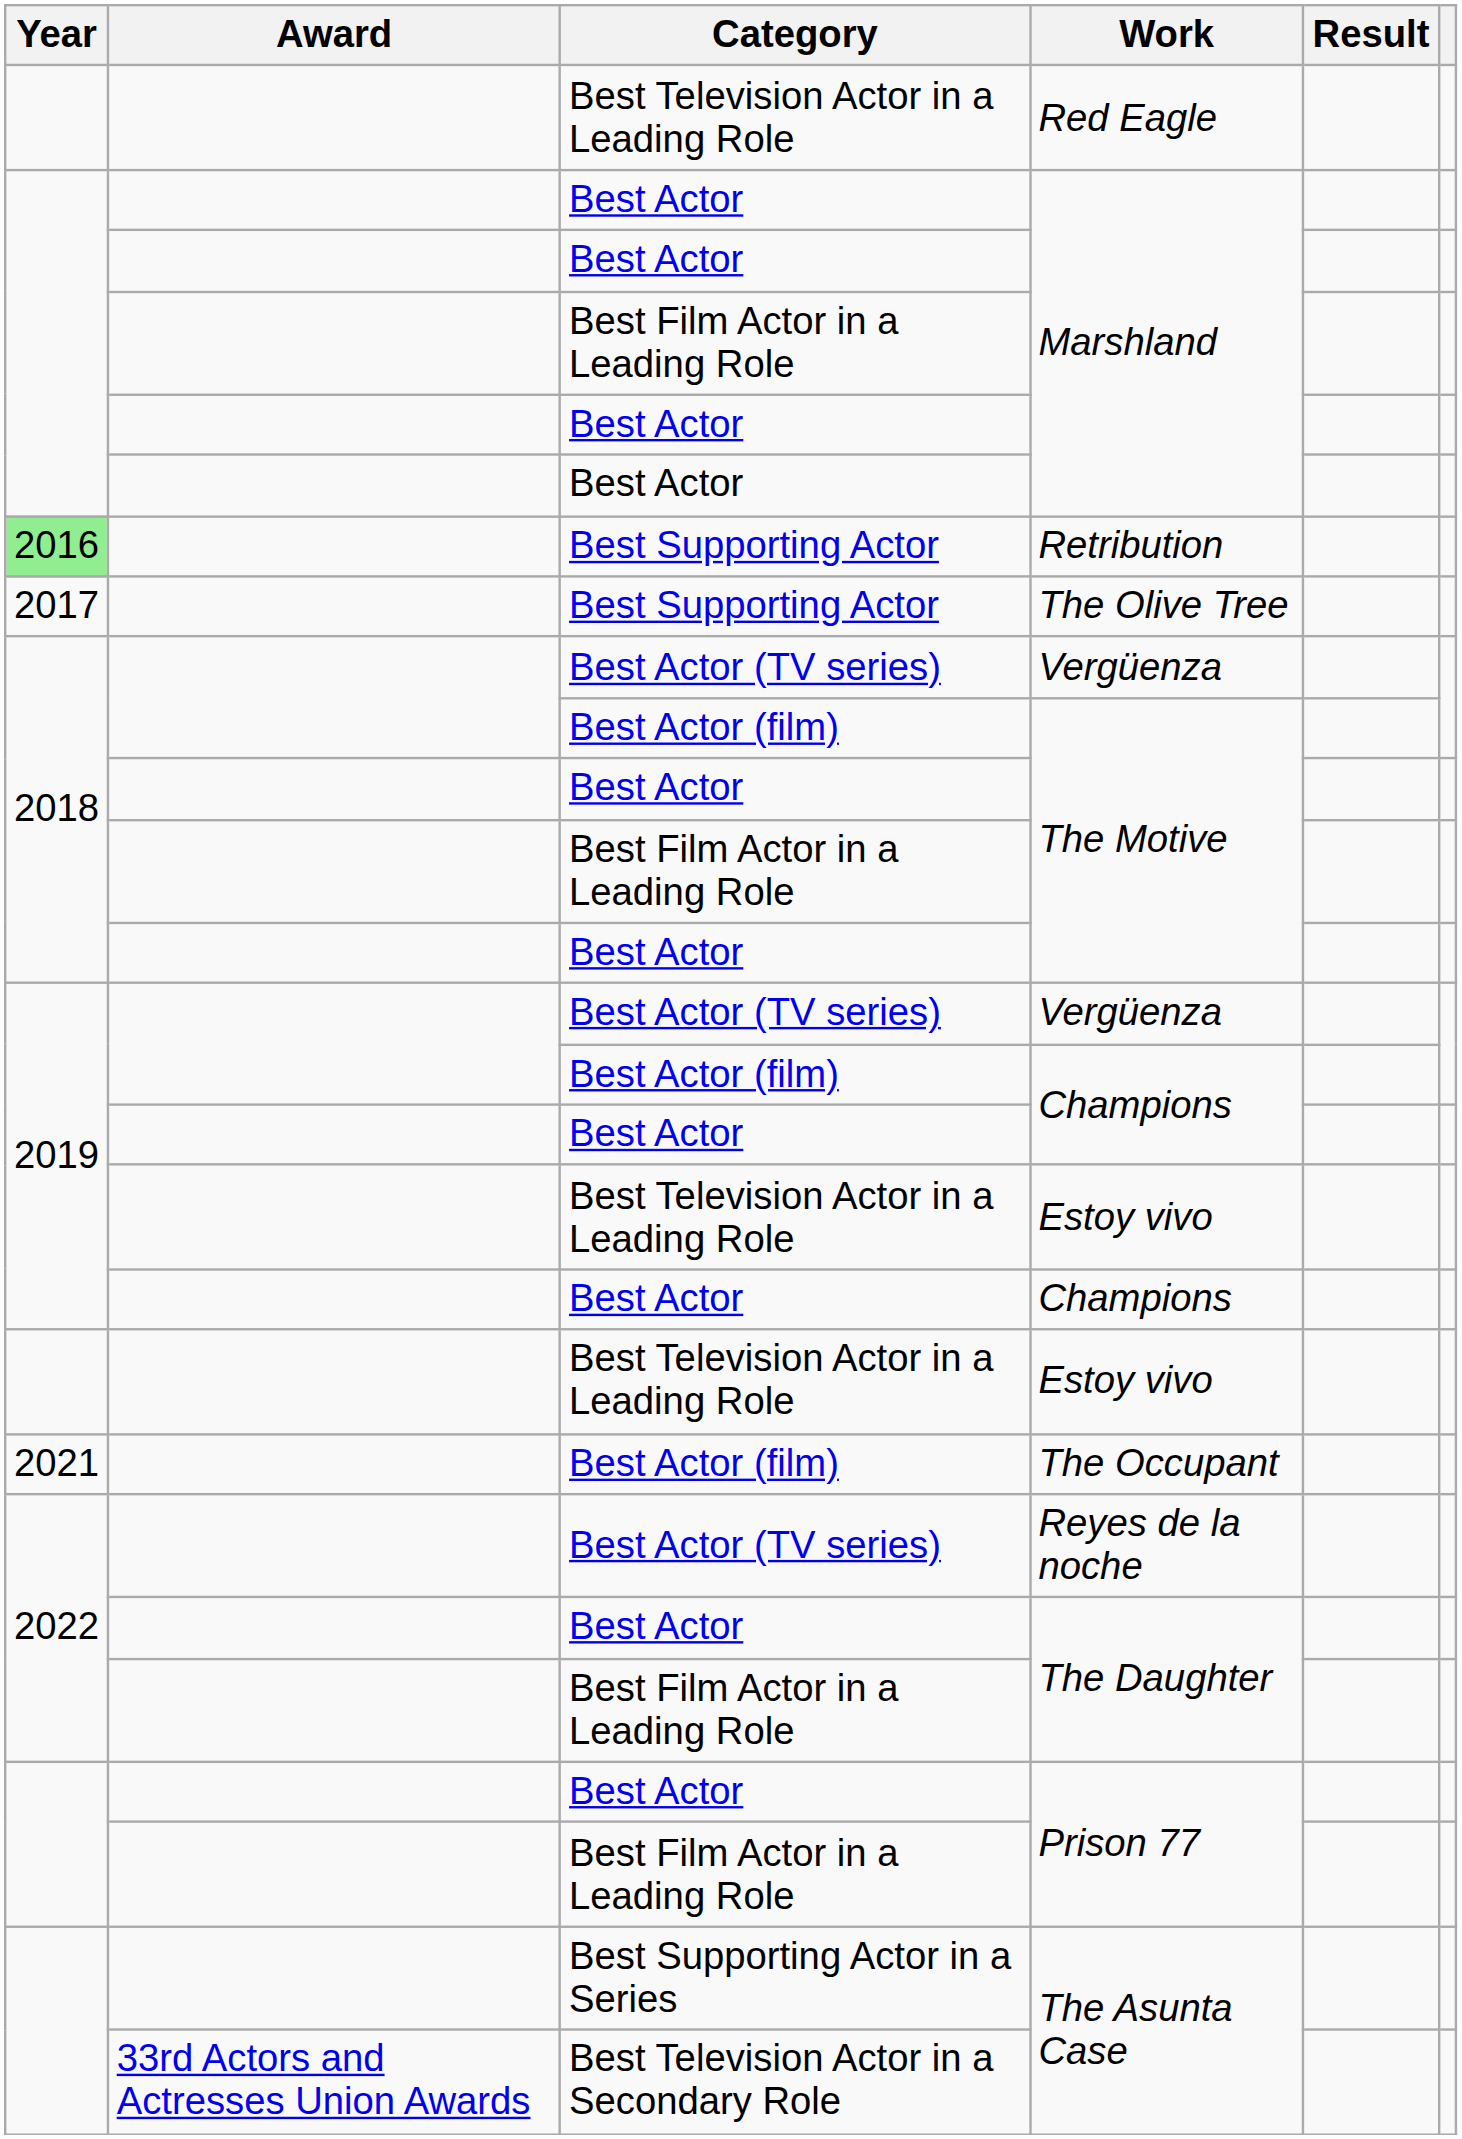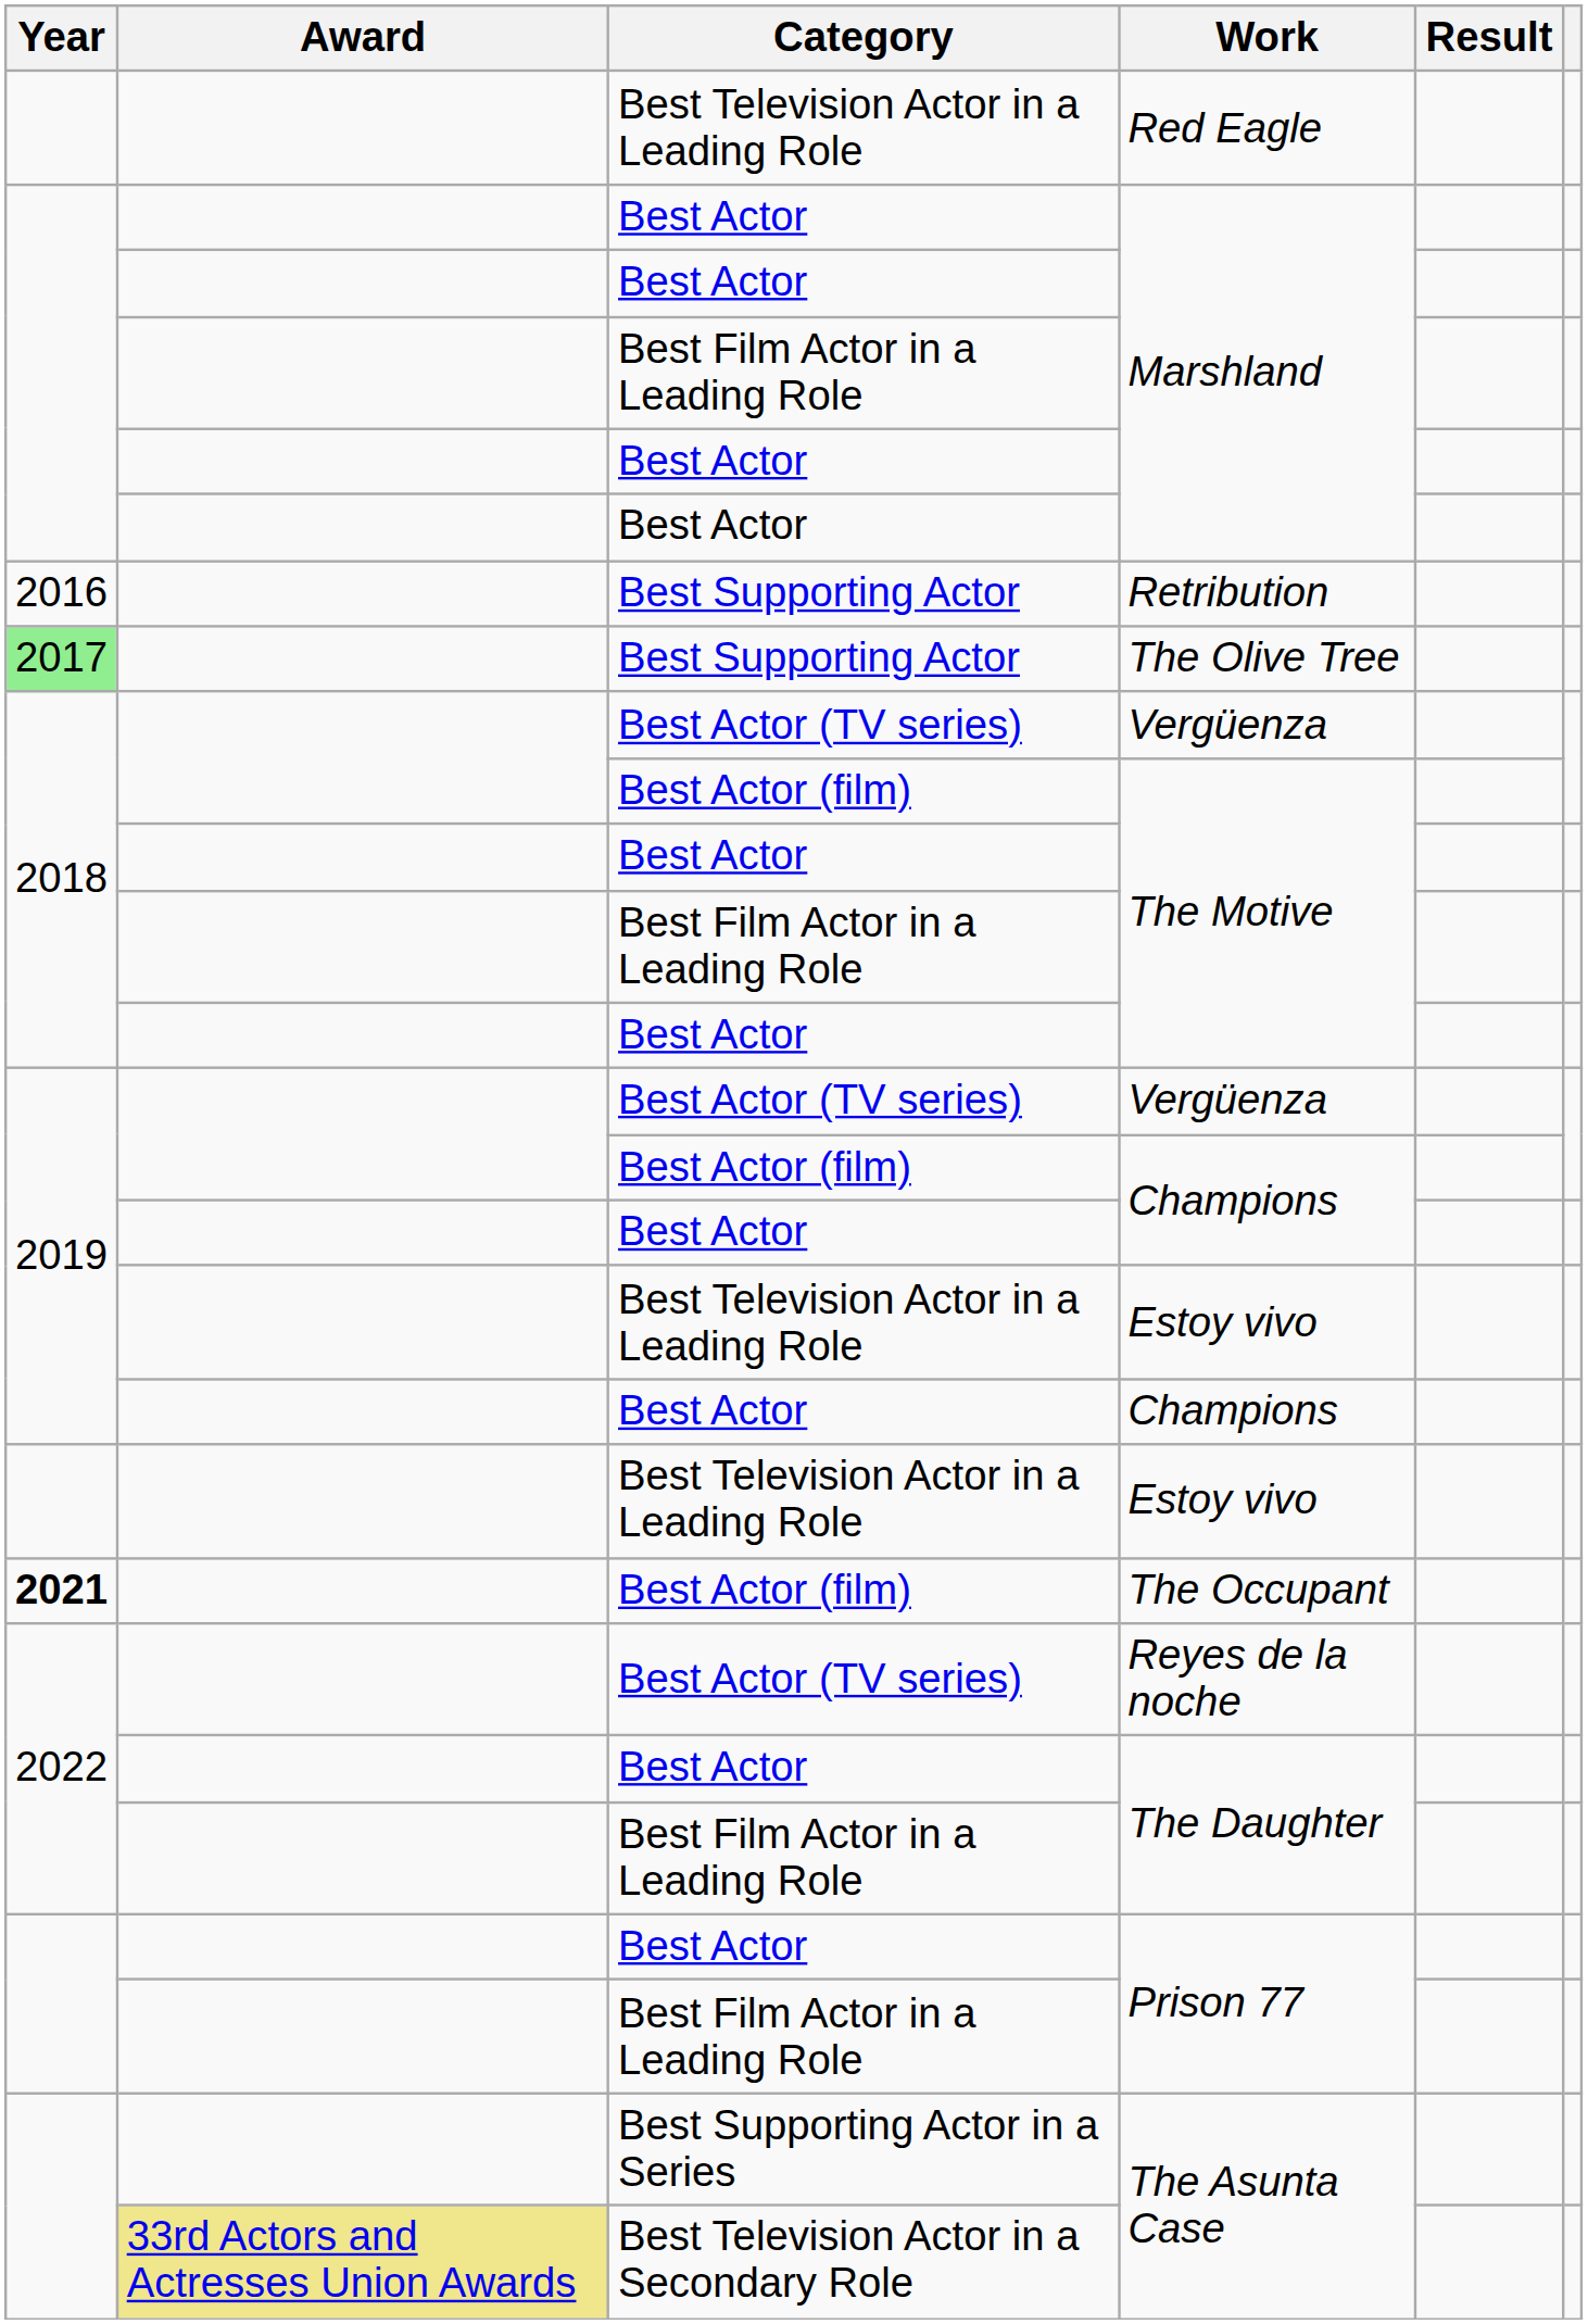 <table class="wikitable sortable plainrowheaders">
 <tr>
 <th>Year</th>
 <th>Award</th>
 <th>Category</th>
 <th>Work</th>
 <th>Result</th>
 <th scope="col" class="unsortable"></th>
 </tr>
 <tr>
 <td></td>
 <td></td>
 <td>Best Television Actor in a Leading Role</td>
 <td><em>Red Eagle</em></td>
 <td></td>
 <td></td>
 </tr>
 <tr>
 <td rowspan = "5"></td>
 <td></td>
 <td><a href='#'>Best Actor</a></td>
 <td rowspan = "5"><em>Marshland</em></td>
 <td></td>
 <td align = "center"></td>
 </tr>
 <tr>
 <td></td>
 <td><a href='#'>Best Actor</a></td>
 <td></td>
 <td></td>
 </tr>
 <tr>
 <td></td>
 <td>Best Film Actor in a Leading Role</td>
 <td></td>
 <td></td>
 </tr>
 <tr>
 <td></td>
 <td><a href='#'>Best Actor</a></td>
 <td></td>
 <td></td>
 </tr>
 <tr>
 <td></td>
 <td>Best Actor</td>
 <td></td>
 <td></td>
 </tr>
 <tr>
-<td align= "center" style="background: lightgreen;">2016</td>
+<td align= "center">2016</td>
 <td></td>
 <td><a href='#'>Best Supporting Actor</a></td>
 <td><em>Retribution</em></td>
 <td></td>
 <td align = "center"></td>
 </tr>
 <tr>
-<td align = "center">2017</td>
+<td align = "center" style="background: lightgreen;">2017</td>
 <td></td>
 <td><a href='#'>Best Supporting Actor</a></td>
 <td><em>The Olive Tree</em></td>
 <td></td>
 <td align = "center"></td>
 </tr>
 <tr>
 <td rowspan = "5" align = "center">2018</td>
 <td rowspan = "2"></td>
 <td><a href='#'>Best Actor (TV series)</a></td>
 <td><em>Vergüenza</em></td>
 <td></td>
 <td rowspan = "2" align = "center"></td>
 </tr>
 <tr>
 <td><a href='#'>Best Actor (film)</a></td>
 <td rowspan = "4"><em>The Motive</em></td>
 <td></td>
 </tr>
 <tr>
 <td></td>
 <td><a href='#'>Best Actor</a></td>
 <td></td>
 <td></td>
 </tr>
 <tr>
 <td></td>
 <td>Best Film Actor in a Leading Role</td>
 <td></td>
 <td></td>
 </tr>
 <tr>
 <td></td>
 <td><a href='#'>Best Actor</a></td>
 <td></td>
 <td></td>
 </tr>
 <tr>
 <td rowspan = "5" align = "center">2019</td>
 <td rowspan = "2"></td>
 <td><a href='#'>Best Actor (TV series)</a></td>
 <td><em>Vergüenza</em></td>
 <td></td>
 <td rowspan = "2"  align= "center"></td>
 </tr>
 <tr>
 <td><a href='#'>Best Actor (film)</a></td>
 <td rowspan = "2"><em>Champions</em></td>
 <td></td>
 </tr>
 <tr>
 <td></td>
 <td><a href='#'>Best Actor</a></td>
 <td></td>
 <td align = "center"></td>
 </tr>
 <tr>
 <td></td>
 <td>Best Television Actor in a Leading Role</td>
 <td><em>Estoy vivo</em></td>
 <td></td>
 <td></td>
 </tr>
 <tr>
 <td></td>
 <td><a href='#'>Best Actor</a></td>
 <td><em>Champions</em></td>
 <td></td>
 <td></td>
 </tr>
 <tr>
 <td></td>
 <td></td>
 <td>Best Television Actor in a Leading Role</td>
 <td><em>Estoy vivo</em></td>
 <td></td>
 <td></td>
 </tr>
 <tr>
-<td align = "center">2021</td>
+<td align = "center"><strong>2021</strong></td>
 <td></td>
 <td><a href='#'>Best Actor (film)</a></td>
 <td><em>The Occupant</em></td>
 <td></td>
 <td align = "center"></td>
 </tr>
 <tr>
 <td rowspan = "3" align = "center">2022</td>
 <td></td>
 <td><a href='#'>Best Actor (TV series)</a></td>
 <td><em>Reyes de la noche</em></td>
 <td></td>
 <td align = "center"></td>
 </tr>
 <tr>
 <td></td>
 <td><a href='#'>Best Actor</a></td>
 <td rowspan = "2"><em>The Daughter</em></td>
 <td></td>
 <td align = "center"></td>
 </tr>
 <tr>
 <td></td>
 <td>Best Film Actor in a Leading Role</td>
 <td></td>
 <td></td>
 </tr>
 <tr>
 <td rowspan = "2"></td>
 <td></td>
 <td><a href='#'>Best Actor</a></td>
 <td rowspan = "2"><em>Prison 77</em></td>
 <td></td>
 <td align = "center"></td>
 </tr>
 <tr>
 <td></td>
 <td>Best Film Actor in a Leading Role</td>
 <td></td>
 <td></td>
 </tr>
 <tr>
 <td rowspan = "2"></td>
 <td></td>
 <td>Best Supporting Actor in a Series</td>
 <td rowspan = "2"><em>The Asunta Case</em></td>
 <td></td>
 <td></td>
 </tr>
 <tr>
-<td><a href='#'>33rd Actors and Actresses Union Awards</a></td>
+<td style="background: khaki;"><a href='#'>33rd Actors and Actresses Union Awards</a></td>
 <td>Best Television Actor in a Secondary Role</td>
 <td></td>
 <td></td>
 </tr>
 </table>
